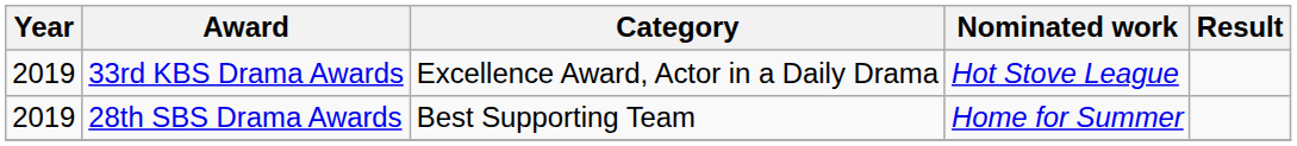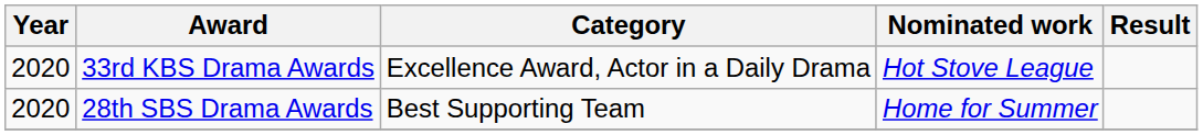 <table class="wikitable sortable plainrowheaders">
 <tr>
 <th>Year</th>
 <th>Award</th>
 <th>Category</th>
 <th>Nominated work</th>
 <th>Result</th>
 </tr>
 <tr>
-<td>2019</td>
+<td>2020</td>
 <td><a href='#'>33rd KBS Drama Awards</a></td>
 <td>Excellence Award, Actor in a Daily Drama</td>
 <td><em><a href='#'>Hot Stove League</a></em></td>
 <td></td>
 </tr>
 <tr>
-<td>2019</td>
+<td>2020</td>
 <td><a href='#'>28th SBS Drama Awards</a></td>
 <td>Best Supporting Team </td>
 <td><em><a href='#'>Home for Summer</a></em></td>
 <td></td>
 </tr>
 <tr>
 </tr>
 </table>
